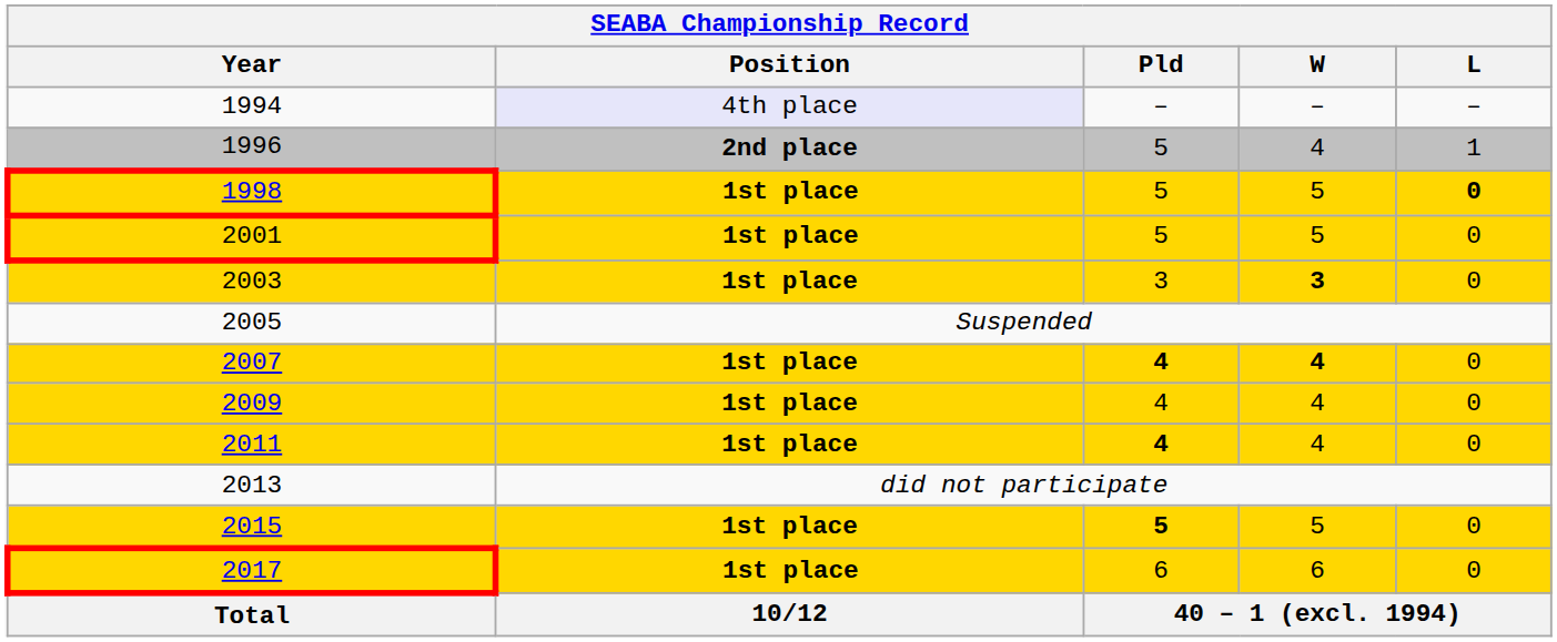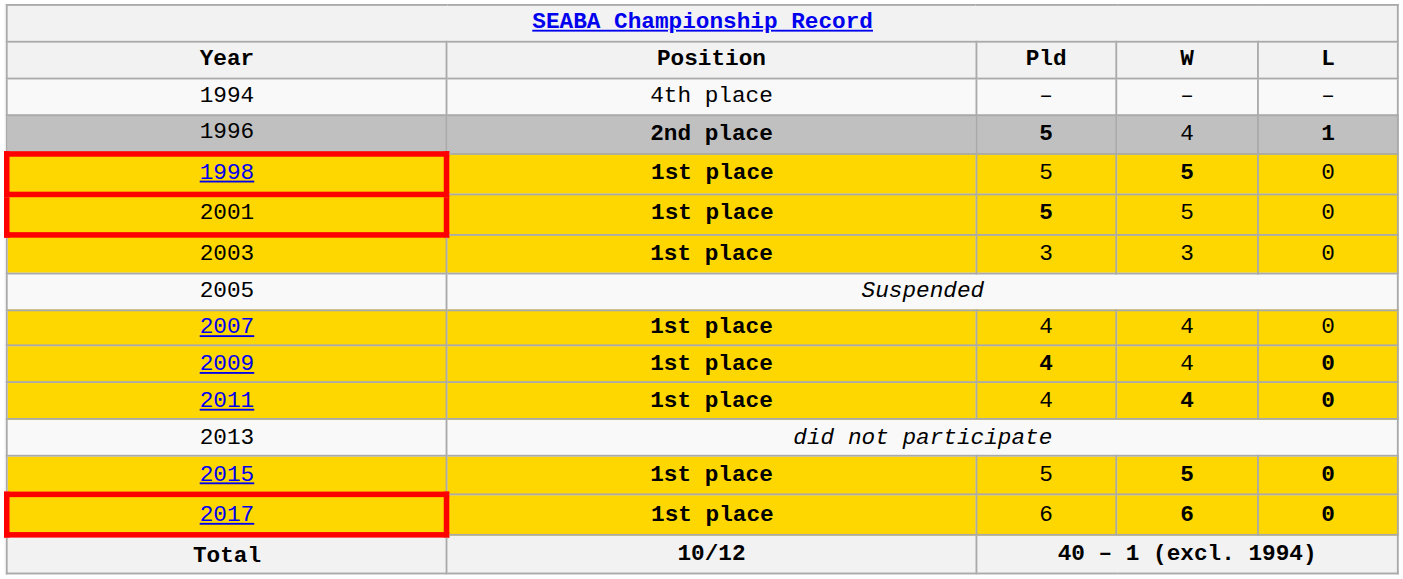 <table class="wikitable collapsible autocollapse"  style="text-align:center; font-size:95%; width:60%;">
 <tr>
 <th colspan=9><a href='#'>SEABA Championship Record</a></th>
 </tr>
 <tr>
 <th width=25%>Year</th>
 <th width=30%>Position</th>
 <th width=8%>Pld</th>
 <th width=8%>W</th>
 <th width=8%>L</th>
 </tr>
 <tr>
 <td> 1994</td>
-<td style="background: lavender;">4th place</td>
+<td>4th place</td>
 <td>–</td>
 <td>–</td>
 <td>–</td>
 </tr>
 <tr style="background:silver;">
 <td> 1996</td>
 <td><strong>2nd place</strong></td>
-<td>5</td>
+<td><strong>5</strong></td>
 <td>4</td>
-<td>1</td>
+<td><strong>1</strong></td>
 </tr>
 <tr style="background:gold;">
 <td style="border: 3px solid red"> <a href='#'>1998</a></td>
 <td><strong>1st place</strong></td>
 <td>5</td>
-<td>5</td>
-<td><strong>0</strong></td>
+<td><strong>5</strong></td>
+<td>0</td>
 </tr>
 <tr style="background:gold;">
 <td style="border: 3px solid red"> 2001</td>
 <td><strong>1st place</strong></td>
-<td>5</td>
+<td><strong>5</strong></td>
 <td>5</td>
 <td>0</td>
 </tr>
 <tr style="background:gold;">
 <td> 2003</td>
 <td><strong>1st place</strong></td>
 <td>3</td>
-<td><strong>3</strong></td>
+<td>3</td>
 <td>0</td>
 </tr>
 <tr>
 <td> 2005</td>
 <td colspan=4><em>Suspended</em></td>
 </tr>
 <tr style="background:gold;">
 <td> <a href='#'>2007</a></td>
 <td><strong>1st place</strong></td>
-<td><strong>4</strong></td>
-<td><strong>4</strong></td>
+<td>4</td>
+<td>4</td>
 <td>0</td>
 </tr>
 <tr style="background:gold;">
 <td> <a href='#'>2009</a></td>
 <td><strong>1st place</strong></td>
+<td><strong>4</strong></td>
 <td>4</td>
-<td>4</td>
-<td>0</td>
+<td><strong>0</strong></td>
 </tr>
 <tr style="background:gold;">
 <td> <a href='#'>2011</a></td>
 <td><strong>1st place</strong></td>
+<td>4</td>
 <td><strong>4</strong></td>
-<td>4</td>
-<td>0</td>
+<td><strong>0</strong></td>
 </tr>
 <tr>
 <td> 2013</td>
 <td colspan=4><em>did not participate</em></td>
 </tr>
 <tr style="background:gold;">
 <td> <a href='#'>2015</a></td>
 <td><strong>1st place</strong></td>
+<td>5</td>
 <td><strong>5</strong></td>
-<td>5</td>
-<td>0</td>
+<td><strong>0</strong></td>
 </tr>
 <tr style="background:gold;">
 <td style="border: 3px solid red"> <a href='#'>2017</a></td>
 <td><strong>1st place</strong></td>
 <td>6</td>
-<td>6</td>
-<td>0</td>
+<td><strong>6</strong></td>
+<td><strong>0</strong></td>
 </tr>
 <tr>
 <th>Total</th>
 <th>10/12</th>
 <th colspan=3>40 – 1 (excl. 1994)</th>
 </tr>
 </table>
